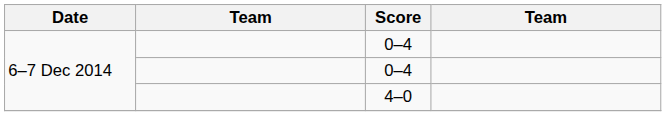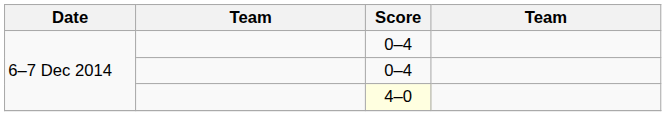 <table class="wikitable" width=50%>
 <tr>
 <th width=20%>Date</th>
 <th width=35%>Team</th>
 <th width=10%>Score</th>
 <th width=35%>Team</th>
 </tr>
 <tr>
 <td rowspan="3">6–7 Dec 2014</td>
 <td style="text-align:right;"></td>
 <td style="text-align:center;">0–4</td>
 <td></td>
 </tr>
 <tr>
 <td style="text-align:right;"></td>
 <td style="text-align:center;">0–4</td>
 <td></td>
 </tr>
 <tr>
 <td style="text-align:right;"></td>
-<td style="text-align:center;">4–0</td>
+<td style="background: lightyellow; text-align:center;">4–0</td>
 <td></td>
 </tr>
 <tr>
 </tr>
 </table>
